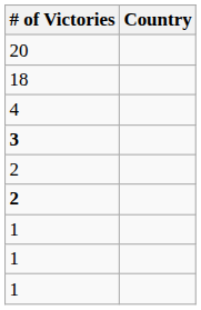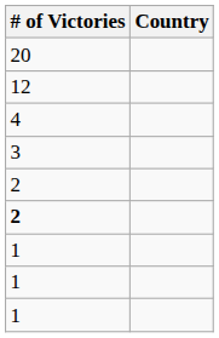 <table class="wikitable">
 <tr>
 <th># of Victories</th>
 <th>Country</th>
 </tr>
 <tr>
 <td>20</td>
 <td></td>
 </tr>
 <tr>
-<td>18</td>
+<td>12</td>
 <td></td>
 </tr>
 <tr>
 <td>4</td>
 <td></td>
 </tr>
 <tr>
-<td><strong>3</strong></td>
+<td>3</td>
 <td></td>
 </tr>
 <tr>
 <td>2</td>
 <td></td>
 </tr>
 <tr>
 <td><strong>2</strong></td>
 <td></td>
 </tr>
 <tr>
 <td>1</td>
 <td></td>
 </tr>
 <tr>
 <td>1</td>
 <td></td>
 </tr>
 <tr>
 <td>1</td>
 <td></td>
 </tr>
 </table>
